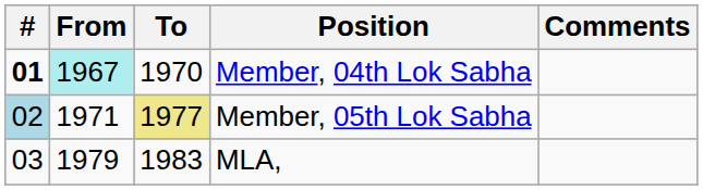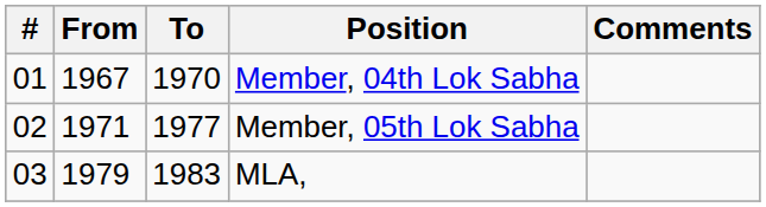 <table class="wikitable sortable">
 <tr>
 <th>#</th>
 <th>From</th>
 <th>To</th>
 <th>Position</th>
 <th>Comments</th>
 </tr>
 <tr>
-<td><strong>01</strong></td>
-<td style="background: paleturquoise;">1967</td>
+<td>01</td>
+<td>1967</td>
 <td>1970</td>
 <td><a href='#'>Member</a>, <a href='#'>04th Lok Sabha</a></td>
 <td></td>
 </tr>
 <tr>
-<td style="background: lightblue;">02</td>
+<td>02</td>
 <td>1971</td>
-<td style="background: khaki;">1977</td>
+<td>1977</td>
 <td>Member, <a href='#'>05th Lok Sabha</a></td>
 <td></td>
 </tr>
 <tr>
 <td>03</td>
 <td>1979</td>
 <td>1983</td>
 <td>MLA,<br></td>
 </tr>
 </table>
